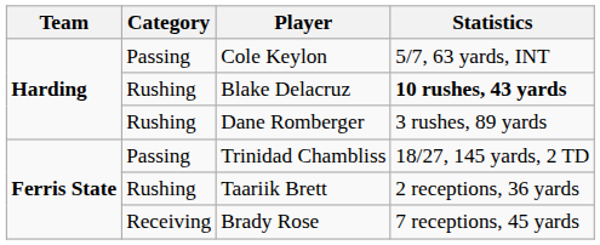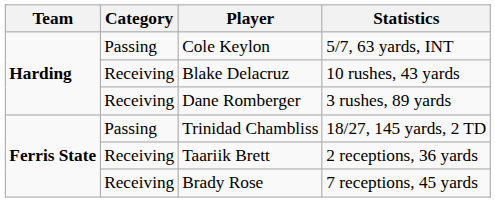 <table class="wikitable" style="float: right;">
 <tr>
 <th>Team</th>
 <th>Category</th>
 <th>Player</th>
 <th>Statistics</th>
 </tr>
 <tr>
 <td rowspan=3><strong>Harding</strong></td>
 <td>Passing</td>
 <td>Cole Keylon</td>
 <td>5/7, 63 yards, INT</td>
 </tr>
 <tr>
-<td>Rushing</td>
+<td>Receiving</td>
 <td>Blake Delacruz</td>
-<td><strong>10 rushes, 43 yards</strong></td>
+<td>10 rushes, 43 yards</td>
 </tr>
 <tr>
-<td>Rushing</td>
+<td>Receiving</td>
 <td>Dane Romberger</td>
 <td>3 rushes, 89 yards</td>
 </tr>
 <tr>
 <td rowspan=3><strong>Ferris State</strong></td>
 <td>Passing</td>
 <td>Trinidad Chambliss</td>
 <td>18/27, 145 yards, 2 TD</td>
 </tr>
 <tr>
-<td>Rushing</td>
+<td>Receiving</td>
 <td>Taariik Brett</td>
 <td>2 receptions, 36 yards</td>
 </tr>
 <tr>
 <td>Receiving</td>
 <td>Brady Rose</td>
 <td>7 receptions, 45 yards</td>
 </tr>
 </table>
